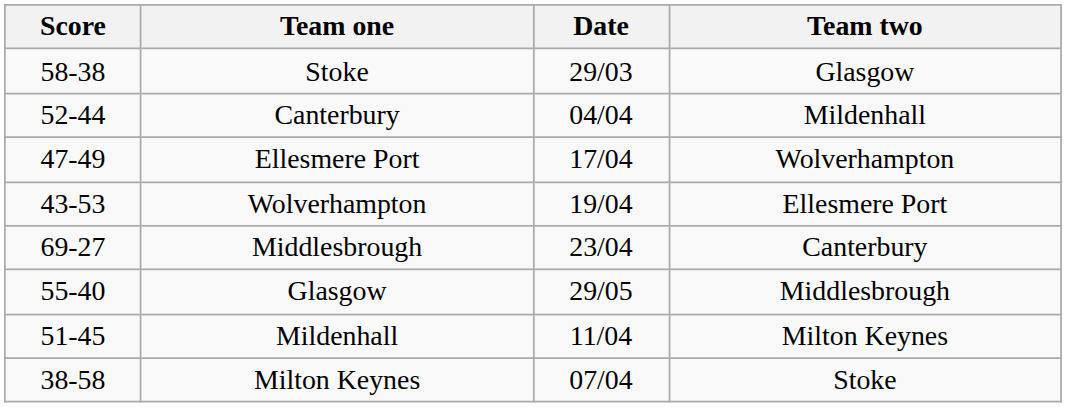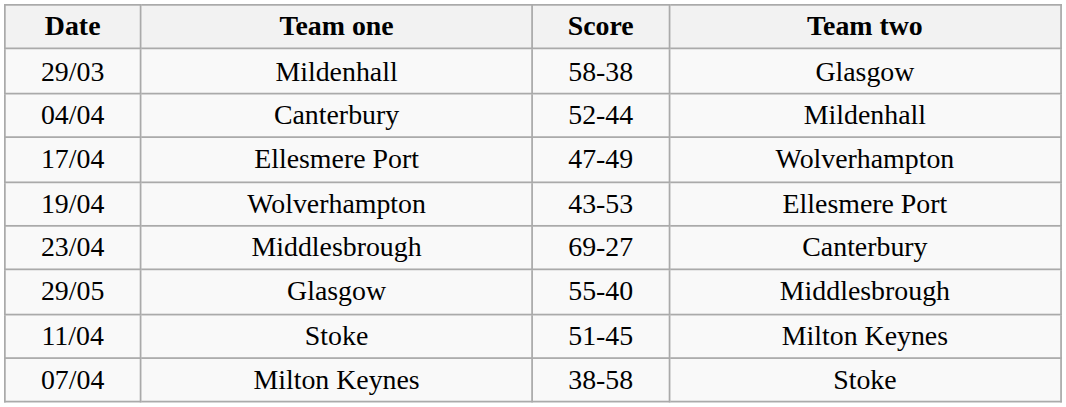 <table class="wikitable" style="text-align: center">
 <tr>
+<th width=80>Date</th>
+<th width=250>Team one</th>
 <th width=80>Score</th>
-<th width=250>Team one</th>
-<th width=80>Date</th>
 <th width=250>Team two</th>
 </tr>
 <tr>
+<td>29/03</td>
+<td>Mildenhall</td>
 <td>58-38</td>
-<td>Stoke</td>
-<td>29/03</td>
 <td>Glasgow</td>
 </tr>
 <tr>
+<td>04/04</td>
+<td>Canterbury</td>
 <td>52-44</td>
-<td>Canterbury</td>
-<td>04/04</td>
 <td>Mildenhall</td>
 </tr>
 <tr>
+<td>17/04</td>
+<td>Ellesmere Port</td>
 <td>47-49</td>
-<td>Ellesmere Port</td>
-<td>17/04</td>
 <td>Wolverhampton</td>
 </tr>
 <tr>
+<td>19/04</td>
+<td>Wolverhampton</td>
 <td>43-53</td>
-<td>Wolverhampton</td>
-<td>19/04</td>
 <td>Ellesmere Port</td>
 </tr>
 <tr>
+<td>23/04</td>
+<td>Middlesbrough</td>
 <td>69-27</td>
-<td>Middlesbrough</td>
-<td>23/04</td>
 <td>Canterbury</td>
 </tr>
 <tr>
+<td>29/05</td>
+<td>Glasgow</td>
 <td>55-40</td>
-<td>Glasgow</td>
-<td>29/05</td>
 <td>Middlesbrough</td>
 </tr>
 <tr>
+<td>11/04</td>
+<td>Stoke</td>
 <td>51-45</td>
-<td>Mildenhall</td>
-<td>11/04</td>
 <td>Milton Keynes</td>
 </tr>
 <tr>
+<td>07/04</td>
+<td>Milton Keynes</td>
 <td>38-58</td>
-<td>Milton Keynes</td>
-<td>07/04</td>
 <td>Stoke</td>
 </tr>
 </table>
